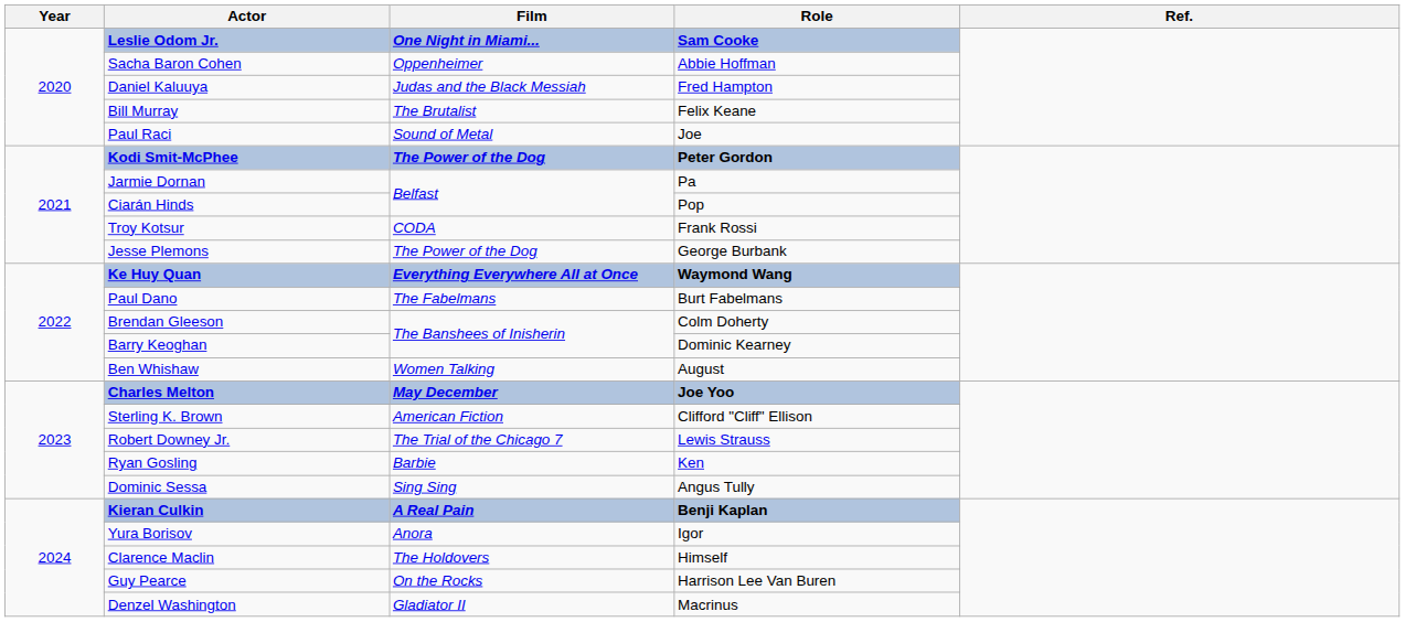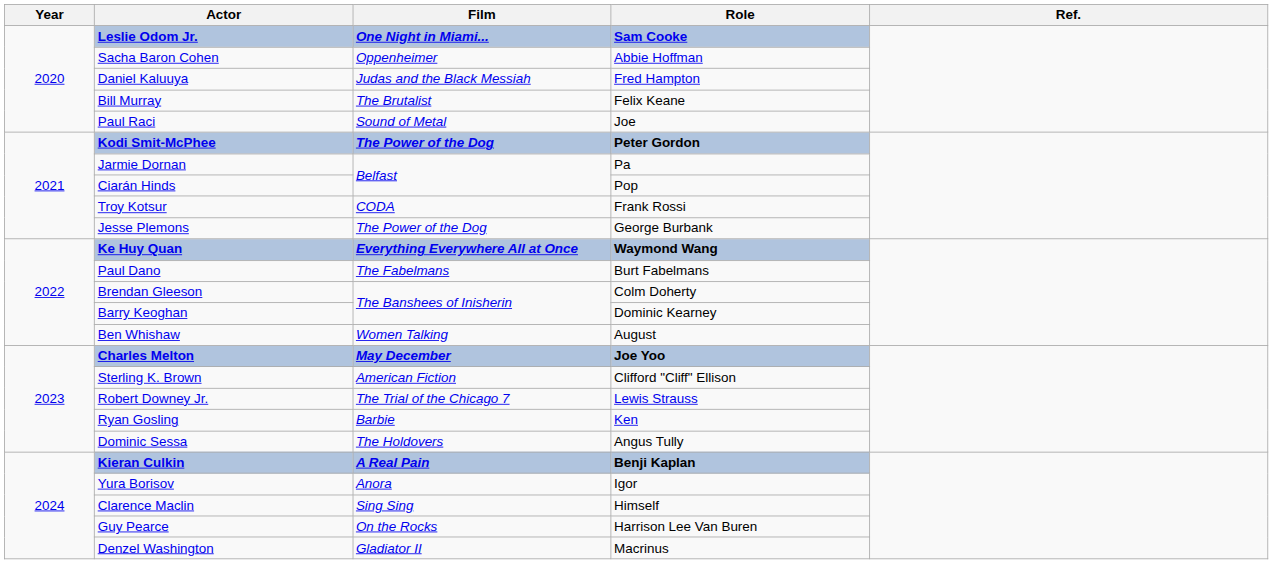 <table class="wikitable" width="95%" cellpadding="5">
 <tr>
 <th width="100"><strong>Year</strong></th>
 <th width="300"><strong>Actor</strong></th>
 <th width="300"><strong>Film</strong></th>
 <th width="300"><strong>Role</strong></th>
 <th>Ref.</th>
 </tr>
 <tr>
 <td rowspan="5" style="text-align:center;"><a href='#'>2020</a></td>
 <td style="background:#B0C4DE;"><strong><a href='#'>Leslie Odom Jr.</a></strong></td>
 <td style="background:#B0C4DE;"><strong><em><a href='#'>One Night in Miami...</a></em></strong></td>
 <td style="background:#B0C4DE;"><strong><a href='#'>Sam Cooke</a></strong></td>
 <td rowspan="5"></td>
 </tr>
 <tr>
 <td><a href='#'>Sacha Baron Cohen</a></td>
 <td><em><a href='#'>Oppenheimer</a></em></td>
 <td><a href='#'>Abbie Hoffman</a></td>
 </tr>
 <tr>
 <td><a href='#'>Daniel Kaluuya</a></td>
 <td><em><a href='#'>Judas and the Black Messiah</a></em></td>
 <td><a href='#'>Fred Hampton</a></td>
 </tr>
 <tr>
 <td><a href='#'>Bill Murray</a></td>
 <td><em><a href='#'>The Brutalist</a></em></td>
 <td>Felix Keane</td>
 </tr>
 <tr>
 <td><a href='#'>Paul Raci</a></td>
 <td><em><a href='#'>Sound of Metal</a></em></td>
 <td>Joe</td>
 </tr>
 <tr>
 <td rowspan="5" style="text-align:center;"><a href='#'>2021</a></td>
 <td style="background:#B0C4DE;"><strong><a href='#'>Kodi Smit-McPhee</a></strong></td>
 <td style="background:#B0C4DE;"><strong><em><a href='#'>The Power of the Dog</a></em></strong></td>
 <td style="background:#B0C4DE;"><strong>Peter Gordon</strong></td>
 <td rowspan="5"></td>
 </tr>
 <tr>
 <td><a href='#'>Jarmie Dornan</a></td>
 <td rowspan="2"><em><a href='#'>Belfast</a></em></td>
 <td>Pa</td>
 </tr>
 <tr>
 <td><a href='#'>Ciarán Hinds</a></td>
 <td>Pop</td>
 </tr>
 <tr>
 <td><a href='#'>Troy Kotsur</a></td>
 <td><em><a href='#'>CODA</a></em></td>
 <td>Frank Rossi</td>
 </tr>
 <tr>
 <td><a href='#'>Jesse Plemons</a></td>
 <td><em><a href='#'>The Power of the Dog</a></em></td>
 <td>George Burbank</td>
 </tr>
 <tr>
 <td rowspan="5" style="text-align:center;"><a href='#'>2022</a></td>
 <td style="background:#B0C4DE;"><strong><a href='#'>Ke Huy Quan</a></strong></td>
 <td style="background:#B0C4DE;"><strong><em><a href='#'>Everything Everywhere All at Once</a></em></strong></td>
 <td style="background:#B0C4DE;"><strong>Waymond Wang</strong></td>
 <td rowspan="5"></td>
 </tr>
 <tr>
 <td><a href='#'>Paul Dano</a></td>
 <td><em><a href='#'>The Fabelmans</a></em></td>
 <td>Burt Fabelmans</td>
 </tr>
 <tr>
 <td><a href='#'>Brendan Gleeson</a></td>
 <td rowspan="2"><em><a href='#'>The Banshees of Inisherin</a></em></td>
 <td>Colm Doherty</td>
 </tr>
 <tr>
 <td><a href='#'>Barry Keoghan</a></td>
 <td>Dominic Kearney</td>
 </tr>
 <tr>
 <td><a href='#'>Ben Whishaw</a></td>
 <td><em><a href='#'>Women Talking</a></em></td>
 <td>August</td>
 </tr>
 <tr>
 <td rowspan="5" style="text-align:center;"><a href='#'>2023</a></td>
 <td style="background:#B0C4DE;"><strong><a href='#'>Charles Melton</a></strong></td>
 <td style="background:#B0C4DE;"><strong><em><a href='#'>May December</a></em></strong></td>
 <td style="background:#B0C4DE;"><strong>Joe Yoo</strong></td>
 <td rowspan="5"></td>
 </tr>
 <tr>
 <td><a href='#'>Sterling K. Brown</a></td>
 <td><em><a href='#'>American Fiction</a></em></td>
 <td>Clifford "Cliff" Ellison</td>
 </tr>
 <tr>
 <td><a href='#'>Robert Downey Jr.</a></td>
 <td><em><a href='#'>The Trial of the Chicago 7</a></em></td>
 <td><a href='#'>Lewis Strauss</a></td>
 </tr>
 <tr>
 <td><a href='#'>Ryan Gosling</a></td>
 <td><em><a href='#'>Barbie</a></em></td>
 <td><a href='#'>Ken</a></td>
 </tr>
 <tr>
 <td><a href='#'>Dominic Sessa</a></td>
-<td><em><a href='#'>Sing Sing</a></em></td>
+<td><em><a href='#'>The Holdovers</a></em></td>
 <td>Angus Tully</td>
 </tr>
 <tr>
 <td rowspan="5" style="text-align:center;"><a href='#'>2024</a></td>
 <td style="background:#B0C4DE;"><strong><a href='#'>Kieran Culkin</a></strong></td>
 <td style="background:#B0C4DE;"><strong><em><a href='#'>A Real Pain</a></em></strong></td>
 <td style="background:#B0C4DE;"><strong>Benji Kaplan</strong></td>
 <td rowspan="5"></td>
 </tr>
 <tr>
 <td><a href='#'>Yura Borisov</a></td>
 <td><em><a href='#'>Anora</a></em></td>
 <td>Igor</td>
 </tr>
 <tr>
 <td><a href='#'>Clarence Maclin</a></td>
-<td><em><a href='#'>The Holdovers</a></em></td>
+<td><em><a href='#'>Sing Sing</a></em></td>
 <td>Himself</td>
 </tr>
 <tr>
 <td><a href='#'>Guy Pearce</a></td>
 <td><em><a href='#'>On the Rocks</a></em></td>
 <td>Harrison Lee Van Buren</td>
 </tr>
 <tr>
 <td><a href='#'>Denzel Washington</a></td>
 <td><em><a href='#'>Gladiator II</a></em></td>
 <td>Macrinus</td>
 </tr>
 </table>
